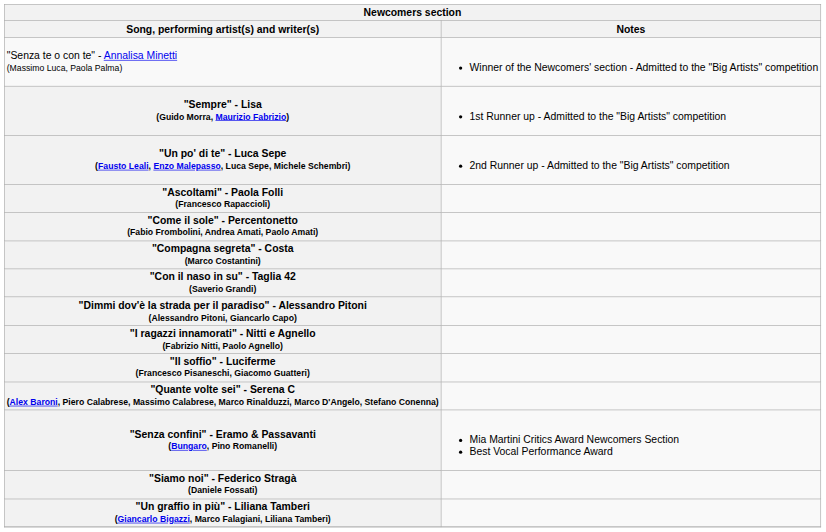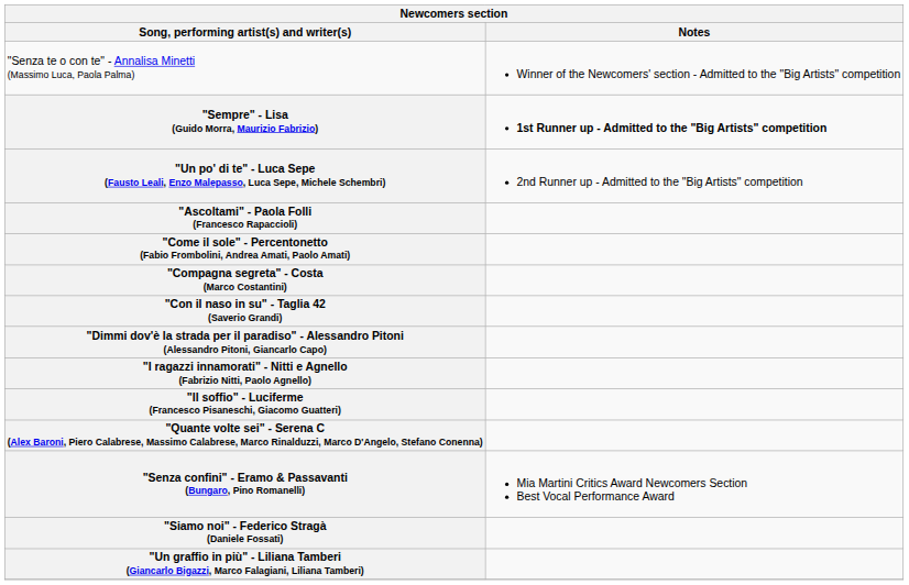 <table class="plainrowheaders wikitable">
 <tr>
 <th colspan="3">Newcomers section</th>
 </tr>
 <tr>
 <th>Song, performing artist(s) and writer(s)</th>
 <th>Notes</th>
 </tr>
 <tr>
 <td>"Senza te o con te" - <a href='#'>Annalisa Minetti</a><br><small> 	(Massimo Luca, Paola Palma) 	</small></td>
 <td><br><ul><li>Winner of the Newcomers' section - Admitted to the "Big Artists" competition</li></ul></td>
 </tr>
 <tr>
 <th scope="row">"Sempre" - Lisa<br><small> 	(Guido Morra, <a href='#'>Maurizio Fabrizio</a>) 	 </small></th>
-<td><br><ul><li>1st Runner up - Admitted to the "Big Artists" competition</li></ul></td>
+<td><strong><br><ul><li>1st Runner up - Admitted to the "Big Artists" competition</li></ul></strong></td>
 </tr>
 <tr>
 <th scope="row">"Un po' di te" - Luca Sepe<br> <small>	 	(<a href='#'>Fausto Leali</a>, <a href='#'>Enzo Malepasso</a>, Luca Sepe, Michele Schembri) 	 </small></th>
 <td><br><ul><li>2nd Runner up - Admitted to the "Big Artists" competition</li></ul></td>
 </tr>
 <tr>
 <th scope="row">"Ascoltami" - Paola Folli <br><small> 	(Francesco Rapaccioli) 	</small></th>
 <td></td>
 </tr>
 <tr>
 <th scope="row">"Come il sole" - Percentonetto <br><small> 	(Fabio Frombolini, Andrea Amati, Paolo Amati) 	</small></th>
 <td></td>
 </tr>
 <tr>
 <th scope="row">"Compagna segreta" - Costa <br><small> 	(Marco Costantini) 	</small></th>
 <td></td>
 </tr>
 <tr>
 <th scope="row">"Con il naso in su" - Taglia 42 <br><small> 	(Saverio Grandi) 	</small></th>
 <td></td>
 </tr>
 <tr>
 <th scope="row">"Dimmi dov'è la strada per il paradiso" - Alessandro Pitoni <br><small> 	(Alessandro Pitoni, Giancarlo Capo) 	</small></th>
 <td></td>
 </tr>
 <tr>
 <th scope="row">"I ragazzi innamorati" - Nitti e Agnello <br><small> 	 	(Fabrizio Nitti, Paolo Agnello) 	</small></th>
 <td></td>
 </tr>
 <tr>
 <th scope="row">"Il soffio" - Luciferme <br><small> 	(Francesco Pisaneschi, Giacomo Guatteri) 	</small></th>
 <td></td>
 </tr>
 <tr>
 <th scope="row">"Quante volte sei" - Serena C <br><small> 	 	(<a href='#'>Alex Baroni</a>, Piero Calabrese, Massimo Calabrese, Marco Rinalduzzi, Marco D'Angelo, Stefano Conenna) 	</small></th>
 <td></td>
 </tr>
 <tr>
 <th scope="row">"Senza confini" - Eramo & Passavanti <br><small> 	(<a href='#'>Bungaro</a>, Pino Romanelli) 	</small></th>
 <td><br><ul><li>Mia Martini Critics Award Newcomers Section</li><li>Best Vocal Performance Award</li></ul></td>
 </tr>
 <tr>
 <th scope="row">"Siamo noi" - Federico Stragà <br><small> 	 	(Daniele Fossati) 	</small></th>
 <td></td>
 </tr>
 <tr>
 <th scope="row">"Un graffio in più" - Liliana Tamberi <br><small> (<a href='#'>Giancarlo Bigazzi</a>, Marco Falagiani, Liliana Tamberi) 	</small></th>
 <td></td>
 </tr>
 <tr>
 </tr>
 </table>
